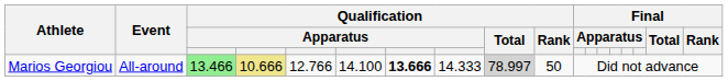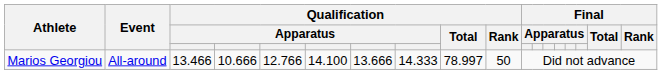 <table class="wikitable" style="font-size:90%">
 <tr>
 <th rowspan=3>Athlete</th>
 <th rowspan=3>Event</th>
 <th colspan =8>Qualification</th>
 <th colspan =8>Final</th>
 </tr>
 <tr style="font-size:95%">
 <th colspan=6>Apparatus</th>
 <th rowspan=2>Total</th>
 <th rowspan=2>Rank</th>
 <th colspan=6>Apparatus</th>
 <th rowspan=2>Total</th>
 <th rowspan=2>Rank</th>
 </tr>
 <tr style="font-size:95%">
 <th></th>
 <th></th>
 <th></th>
 <th></th>
 <th></th>
 <th></th>
 <th></th>
 <th></th>
 <th></th>
 <th></th>
 <th></th>
 <th></th>
 </tr>
 <tr align=center>
 <td align=left><a href='#'>Marios Georgiou</a></td>
 <td align=left><a href='#'>All-around</a></td>
-<td style="background: lightgreen;">13.466</td>
-<td style="background: khaki;">10.666</td>
+<td>13.466</td>
+<td>10.666</td>
 <td>12.766</td>
 <td>14.100</td>
-<td><strong>13.666</strong></td>
+<td>13.666</td>
 <td>14.333</td>
-<td style="background: lightgrey;">78.997</td>
+<td>78.997</td>
 <td>50</td>
 <td colspan="8">Did not advance</td>
 </tr>
 </table>
